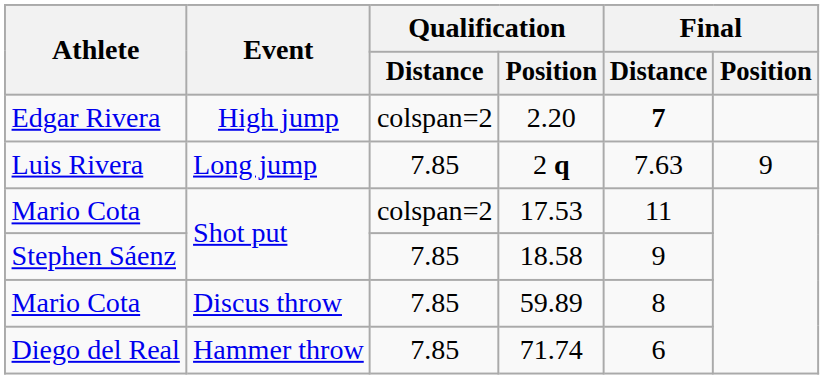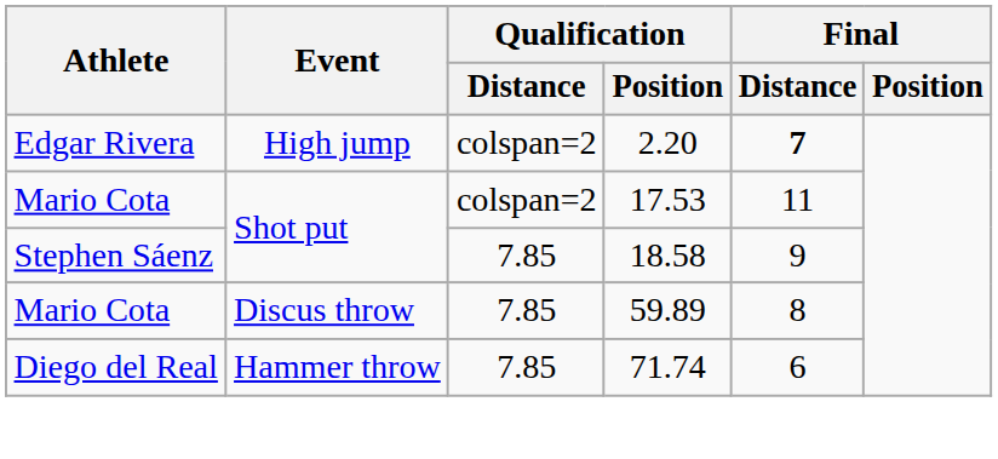 <table class=wikitable style="font-size:90%">
 <tr>
 <th rowspan="2">Athlete</th>
 <th rowspan="2">Event</th>
 <th colspan="2">Qualification</th>
 <th colspan="2">Final</th>
 </tr>
 <tr style="font-size:95%">
 <th>Distance</th>
 <th>Position</th>
 <th>Distance</th>
 <th>Position</th>
 </tr>
 <tr align=center>
 <td align=left><a href='#'>Edgar Rivera</a></td>
 <td><a href='#'>High jump</a></td>
 <td>colspan=2 </td>
 <td>2.20</td>
 <td><strong>7</strong></td>
-</tr>
-<tr align=center>
-<td align=left><a href='#'>Luis Rivera</a></td>
-<td align=left><a href='#'>Long jump</a></td>
-<td>7.85</td>
-<td>2 <strong>q</strong></td>
-<td>7.63</td>
-<td>9</td>
 </tr>
 <tr align=center>
 <td align=left><a href='#'>Mario Cota</a></td>
 <td align=left rowspan=2><a href='#'>Shot put</a></td>
 <td>colspan=2 </td>
 <td>17.53</td>
 <td>11</td>
 </tr>
 <tr align=center>
 <td align=left><a href='#'>Stephen Sáenz</a></td>
 <td>7.85</td>
 <td>18.58</td>
 <td>9</td>
 </tr>
 <tr align=center>
 <td align=left><a href='#'>Mario Cota</a></td>
 <td align=left><a href='#'>Discus throw</a></td>
 <td>7.85</td>
 <td>59.89</td>
 <td>8</td>
 </tr>
 <tr align=center>
 <td align=left><a href='#'>Diego del Real</a></td>
 <td align=left><a href='#'>Hammer throw</a></td>
 <td>7.85</td>
 <td>71.74</td>
 <td>6</td>
 </tr>
 </table>
